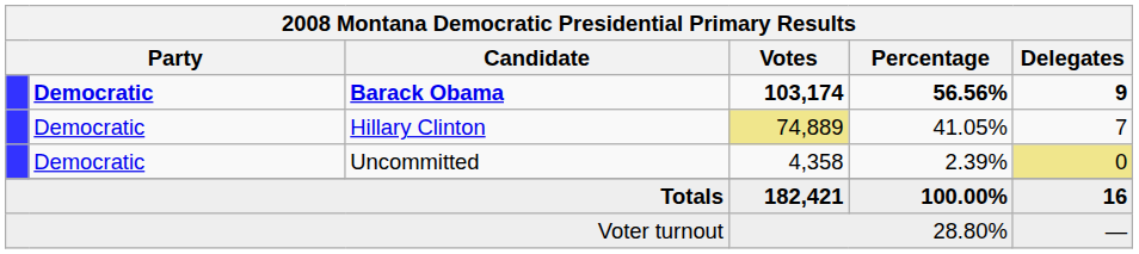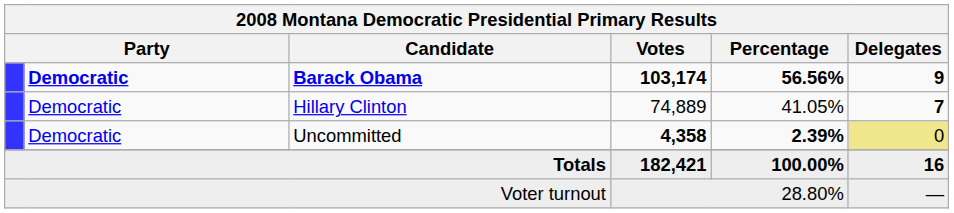 <table class="wikitable" style="font-size: 95%;">
 <tr>
 <th colspan="7">2008 Montana Democratic Presidential Primary Results</th>
 </tr>
 <tr>
 <th colspan="2" style="width:15em">Party</th>
 <th style="width:17em">Candidate</th>
 <th style="width:5em">Votes</th>
 <th style="width:7em">Percentage</th>
 <th style="width:5em">Delegates</th>
 </tr>
 <tr>
 <th style="background: #3333FF; width: 3px;"></th>
 <td style="width: 130px"><strong><a href='#'>Democratic</a></strong></td>
 <td><strong><a href='#'>Barack Obama</a></strong></td>
 <td align="right"><strong>103,174</strong></td>
 <td align="right"><strong>56.56%</strong></td>
 <td align="right"><strong>9</strong></td>
 </tr>
 <tr>
 <th style="background: #3333FF; width: 3px;"></th>
 <td style="width: 130px"><a href='#'>Democratic</a></td>
 <td><a href='#'>Hillary Clinton</a></td>
-<td align="right" style="background: khaki;">74,889</td>
+<td align="right">74,889</td>
 <td align="right">41.05%</td>
-<td align="right">7</td>
+<td align="right"><strong>7</strong></td>
 </tr>
 <tr>
 <th style="background: #3333FF; width: 3px;"></th>
 <td style="width: 130px"><a href='#'>Democratic</a></td>
 <td>Uncommitted</td>
-<td align="right">4,358</td>
-<td align="right">2.39%</td>
+<td align="right"><strong>4,358</strong></td>
+<td align="right"><strong>2.39%</strong></td>
 <td align="right" style="background: khaki;">0</td>
 </tr>
 <tr>
 </tr>
 <tr style="background:#EEEEEE">
 <td colspan="3" align="right"><strong>Totals</strong></td>
 <td align="right"><strong>182,421</strong></td>
 <td align="right"><strong>100.00%</strong></td>
 <td align="right"><strong>16</strong></td>
 </tr>
 <tr style="background:#EEEEEE">
 <td colspan="3" align="right">Voter turnout</td>
 <td colspan="2" align="right">28.80%</td>
 <td align="right">—</td>
 </tr>
 </table>
